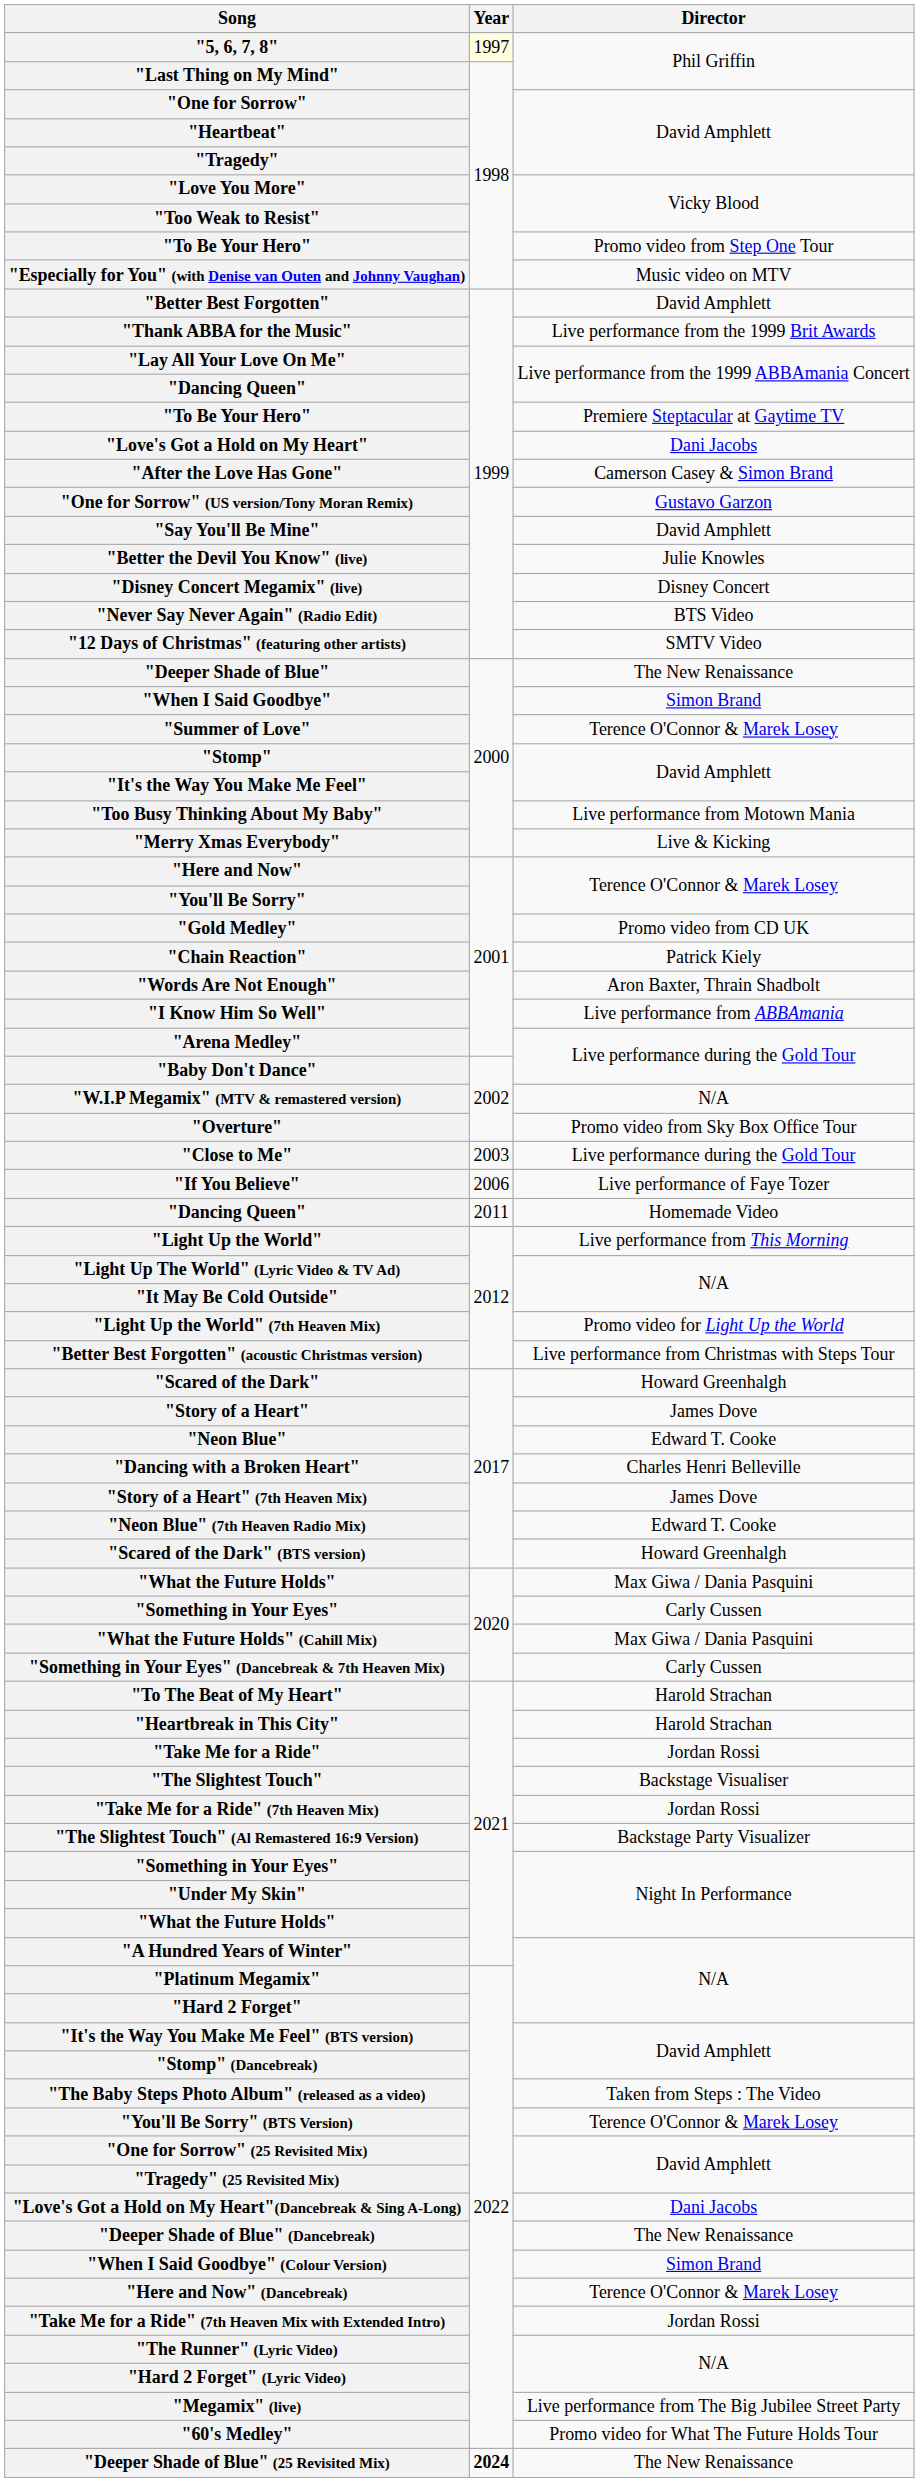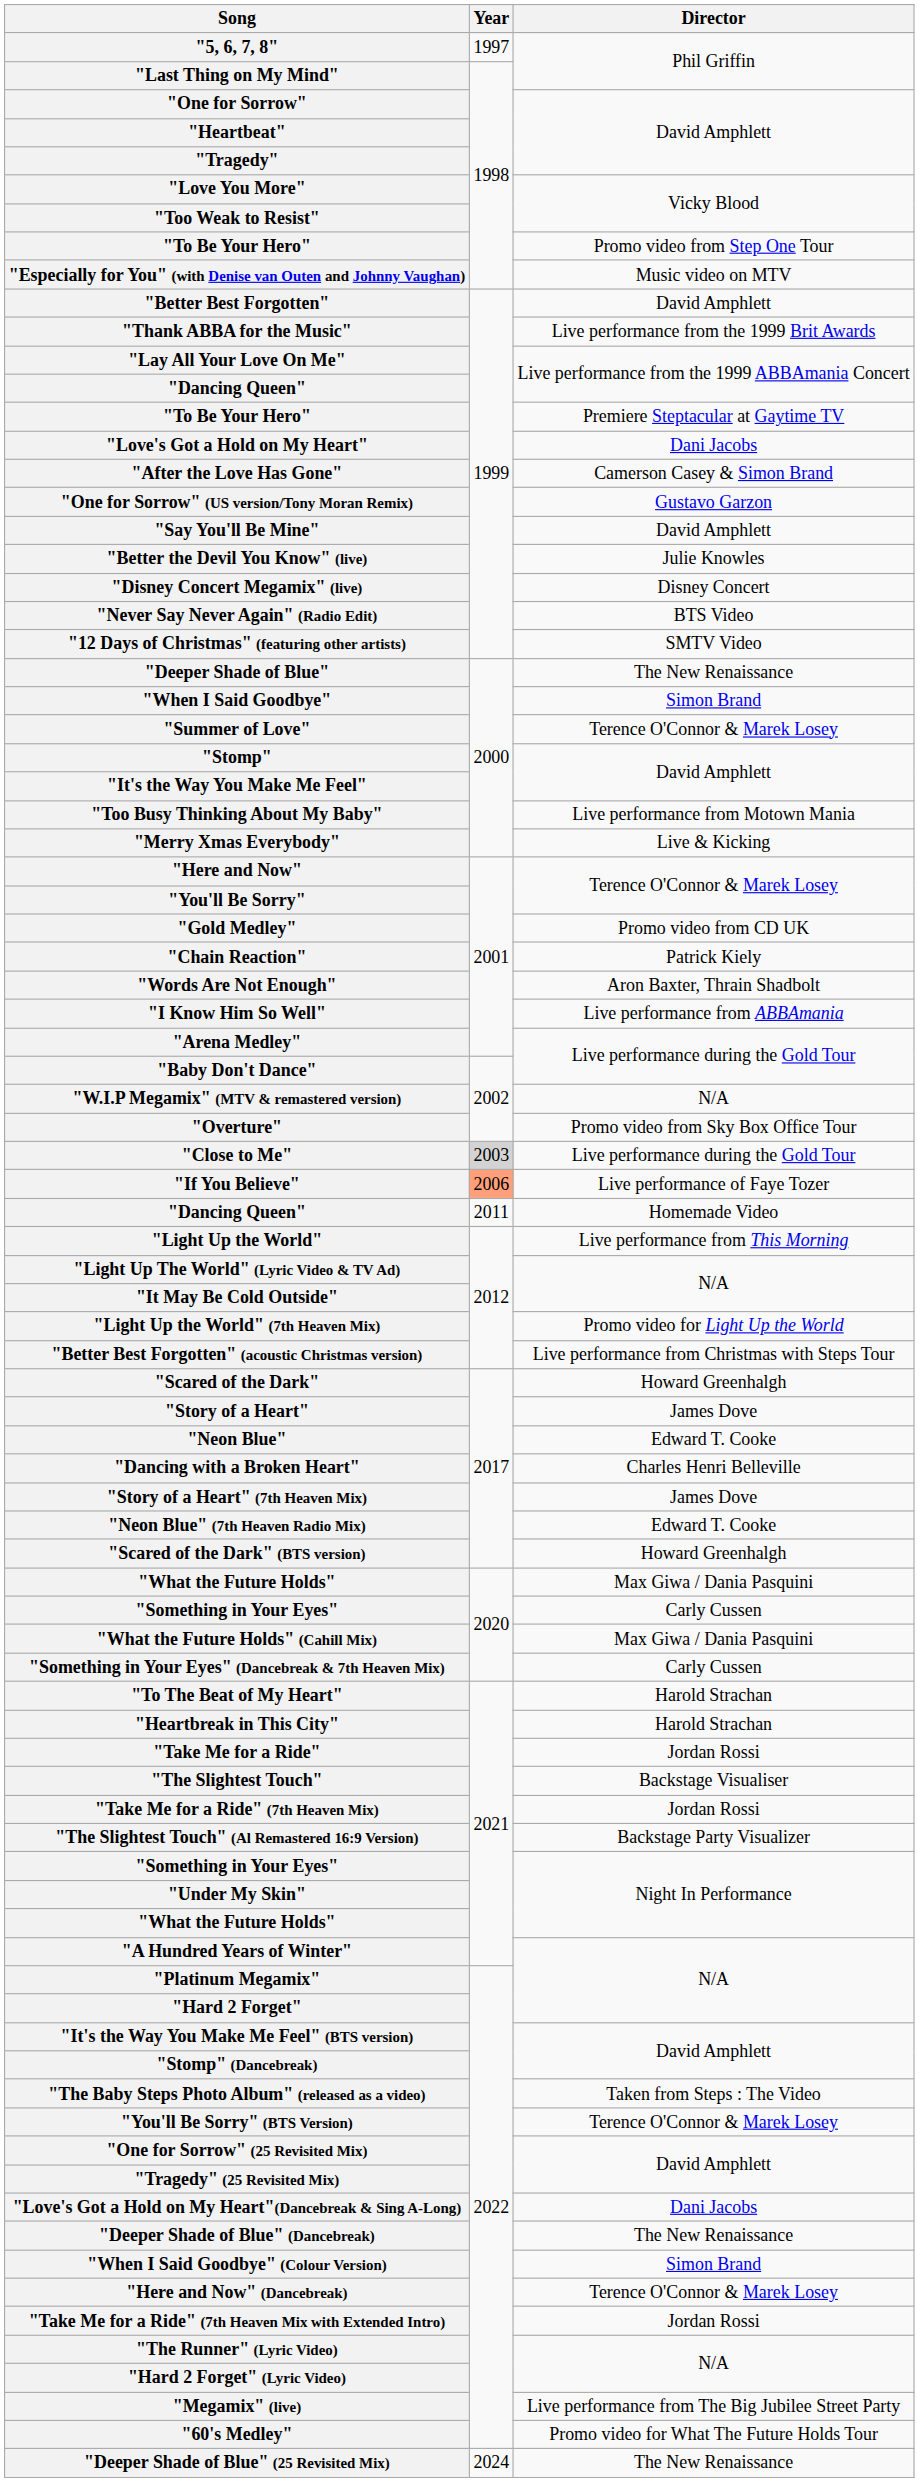 <table class="wikitable plainrowheaders" style="text-align:center;" border="1">
 <tr>
 <th scope="col">Song</th>
 <th scope="col">Year</th>
 <th scope="col">Director</th>
 </tr>
 <tr>
 <th scope="row">"5, 6, 7, 8"</th>
-<td style="background: lightyellow;">1997</td>
+<td>1997</td>
 <td rowspan="2">Phil Griffin</td>
 </tr>
 <tr>
 <th scope="row">"Last Thing on My Mind"</th>
 <td rowspan="8">1998</td>
 </tr>
 <tr>
 <th scope="row">"One for Sorrow"</th>
 <td rowspan="3">David Amphlett</td>
 </tr>
 <tr>
 <th scope="row">"Heartbeat"</th>
 </tr>
 <tr>
 <th scope="row">"Tragedy"</th>
 </tr>
 <tr>
 <th scope="row">"Love You More"</th>
 <td rowspan="2">Vicky Blood</td>
 </tr>
 <tr>
 <th scope="row">"Too Weak to Resist"</th>
 </tr>
 <tr>
 <th scope="row">"To Be Your Hero"</th>
 <td>Promo video from <a href='#'>Step One</a> Tour</td>
 </tr>
 <tr>
 <th scope="row">"Especially for You" <small>(with <a href='#'>Denise van Outen</a> and <a href='#'>Johnny Vaughan</a>)</small></th>
 <td>Music video on MTV</td>
 </tr>
 <tr>
 <th scope="row">"Better Best Forgotten"</th>
 <td rowspan="13">1999</td>
 <td>David Amphlett</td>
 </tr>
 <tr>
 <th scope="row">"Thank ABBA for the Music"</th>
 <td>Live performance from the 1999 <a href='#'>Brit Awards</a></td>
 </tr>
 <tr>
 <th scope="row">"Lay All Your Love On Me"</th>
 <td rowspan="2">Live performance from the 1999 <a href='#'>ABBAmania</a> Concert</td>
 </tr>
 <tr>
 <th scope="row">"Dancing Queen"</th>
 </tr>
 <tr>
 <th scope="row">"To Be Your Hero"</th>
 <td>Premiere <a href='#'>Steptacular</a> at <a href='#'>Gaytime TV</a></td>
 </tr>
 <tr>
 <th scope="row">"Love's Got a Hold on My Heart"</th>
 <td><a href='#'>Dani Jacobs</a></td>
 </tr>
 <tr>
 <th scope="row">"After the Love Has Gone"</th>
 <td>Camerson Casey & <a href='#'>Simon Brand</a></td>
 </tr>
 <tr>
 <th scope="row">"One for Sorrow" <small>(US version/Tony Moran Remix)</small></th>
 <td><a href='#'>Gustavo Garzon</a></td>
 </tr>
 <tr>
 <th scope="row">"Say You'll Be Mine"</th>
 <td>David Amphlett</td>
 </tr>
 <tr>
 <th scope="row">"Better the Devil You Know" <small>(live)</small></th>
 <td>Julie Knowles</td>
 </tr>
 <tr>
 <th scope="row">"Disney Concert Megamix" <small>(live)</small></th>
 <td>Disney Concert</td>
 </tr>
 <tr>
 <th scope="row">"Never Say Never Again" <small>(Radio Edit)</small></th>
 <td>BTS Video</td>
 </tr>
 <tr>
 <th scope="row">"12 Days of Christmas" <small>(featuring other artists)</small></th>
 <td>SMTV Video</td>
 </tr>
 <tr>
 <th scope="row">"Deeper Shade of Blue"</th>
 <td rowspan="7">2000</td>
 <td>The New Renaissance</td>
 </tr>
 <tr>
 <th scope="row">"When I Said Goodbye"</th>
 <td><a href='#'>Simon Brand</a></td>
 </tr>
 <tr>
 <th scope="row">"Summer of Love"</th>
 <td>Terence O'Connor & <a href='#'>Marek Losey</a></td>
 </tr>
 <tr>
 <th scope="row">"Stomp"</th>
 <td rowspan="2">David Amphlett</td>
 </tr>
 <tr>
 <th scope="row">"It's the Way You Make Me Feel"</th>
 </tr>
 <tr>
 <th scope="row">"Too Busy Thinking About My Baby"</th>
 <td>Live performance from Motown Mania</td>
 </tr>
 <tr>
 <th scope="row">"Merry Xmas Everybody"</th>
 <td>Live & Kicking</td>
 </tr>
 <tr>
 <th scope="row">"Here and Now"</th>
 <td rowspan="7">2001</td>
 <td rowspan="2">Terence O'Connor & <a href='#'>Marek Losey</a></td>
 </tr>
 <tr>
 <th scope="row">"You'll Be Sorry"</th>
 </tr>
 <tr>
 <th scope="row">"Gold Medley"</th>
 <td>Promo video from CD UK</td>
 </tr>
 <tr>
 <th scope="row">"Chain Reaction"</th>
 <td>Patrick Kiely</td>
 </tr>
 <tr>
 <th scope="row">"Words Are Not Enough"</th>
 <td>Aron Baxter, Thrain Shadbolt</td>
 </tr>
 <tr>
 <th scope="row">"I Know Him So Well"</th>
 <td>Live performance from <em><a href='#'>ABBAmania</a></em></td>
 </tr>
 <tr>
 <th scope="row">"Arena Medley"</th>
 <td rowspan="2">Live performance during the <a href='#'>Gold Tour</a></td>
 </tr>
 <tr>
 <th scope="row">"Baby Don't Dance"</th>
 <td rowspan="3">2002</td>
 </tr>
 <tr>
 <th scope="row">"W.I.P Megamix" <small>(MTV & remastered version)</small></th>
 <td>N/A</td>
 </tr>
 <tr>
 <th scope="row">"Overture"</th>
 <td>Promo video from Sky Box Office Tour</td>
 </tr>
 <tr>
 <th scope="row">"Close to Me"</th>
-<td>2003</td>
+<td style="background: lightgrey;">2003</td>
 <td>Live performance during the <a href='#'>Gold Tour</a></td>
 </tr>
 <tr>
 <th scope="row">"If You Believe"</th>
-<td>2006</td>
+<td style="background: lightsalmon;">2006</td>
 <td>Live performance of Faye Tozer</td>
 </tr>
 <tr>
 <th scope="row">"Dancing Queen"</th>
 <td>2011</td>
 <td>Homemade Video</td>
 </tr>
 <tr>
 <th scope="row">"Light Up the World"</th>
 <td rowspan="5">2012</td>
 <td>Live performance from <em><a href='#'>This Morning</a></em></td>
 </tr>
 <tr>
 <th scope="row">"Light Up The World" <small>(Lyric Video & TV Ad)</small></th>
 <td rowspan="2">N/A</td>
 </tr>
 <tr>
 <th scope="row">"It May Be Cold Outside"</th>
 </tr>
 <tr>
 <th scope="row">"Light Up the World" <small>(7th Heaven Mix)</small></th>
 <td>Promo video for <em><a href='#'>Light Up the World</a></em></td>
 </tr>
 <tr>
 <th scope="row">"Better Best Forgotten" <small>(acoustic Christmas version)</small></th>
 <td>Live performance from Christmas with Steps Tour</td>
 </tr>
 <tr>
 <th scope="row">"Scared of the Dark"</th>
 <td rowspan="7">2017</td>
 <td>Howard Greenhalgh</td>
 </tr>
 <tr>
 <th scope="row">"Story of a Heart"</th>
 <td>James Dove</td>
 </tr>
 <tr>
 <th scope="row">"Neon Blue"</th>
 <td>Edward T. Cooke</td>
 </tr>
 <tr>
 <th scope="row">"Dancing with a Broken Heart"</th>
 <td>Charles Henri Belleville</td>
 </tr>
 <tr>
 <th scope="row">"Story of a Heart" <small>(7th Heaven Mix)</small></th>
 <td>James Dove</td>
 </tr>
 <tr>
 <th scope="row">"Neon Blue" <small>(7th Heaven Radio Mix)</small></th>
 <td>Edward T. Cooke</td>
 </tr>
 <tr>
 <th scope="row">"Scared of the Dark" <small>(BTS version)</small></th>
 <td>Howard Greenhalgh</td>
 </tr>
 <tr>
 <th scope="row">"What the Future Holds"</th>
 <td rowspan="4">2020</td>
 <td>Max Giwa / Dania Pasquini</td>
 </tr>
 <tr>
 <th scope="row">"Something in Your Eyes"</th>
 <td>Carly Cussen</td>
 </tr>
 <tr>
 <th scope="row">"What the Future Holds" <small>(Cahill Mix)</small></th>
 <td>Max Giwa / Dania Pasquini</td>
 </tr>
 <tr>
 <th scope="row">"Something in Your Eyes" <small>(Dancebreak & 7th Heaven Mix)</small></th>
 <td>Carly Cussen</td>
 </tr>
 <tr>
 <th scope="row">"To The Beat of My Heart"</th>
 <td rowspan="10">2021</td>
 <td>Harold Strachan</td>
 </tr>
 <tr>
 <th scope="row">"Heartbreak in This City"</th>
 <td>Harold Strachan</td>
 </tr>
 <tr>
 <th scope="row">"Take Me for a Ride"</th>
 <td>Jordan Rossi</td>
 </tr>
 <tr>
 <th scope="row">"The Slightest Touch"</th>
 <td>Backstage Visualiser</td>
 </tr>
 <tr>
 <th scope="row">"Take Me for a Ride" <small>(7th Heaven Mix)</small></th>
 <td>Jordan Rossi</td>
 </tr>
 <tr>
 <th scope="row">"The Slightest Touch" <small>(Al Remastered 16:9 Version)</small></th>
 <td>Backstage Party Visualizer</td>
 </tr>
 <tr>
 <th scope="row">"Something in Your Eyes"</th>
 <td rowspan="3">Night In Performance</td>
 </tr>
 <tr>
 <th scope="row">"Under My Skin"</th>
 </tr>
 <tr>
 <th scope="row">"What the Future Holds"</th>
 </tr>
 <tr>
 <th scope="row">"A Hundred Years of Winter"</th>
 <td rowspan="3">N/A</td>
 </tr>
 <tr>
 <th scope="row">"Platinum Megamix"</th>
 <td rowspan="17">2022</td>
 </tr>
 <tr>
 <th scope="row">"Hard 2 Forget"</th>
 </tr>
 <tr x>
 <th scope="row">"It's the Way You Make Me Feel" <small>(BTS version)</small></th>
 <td rowspan="2">David Amphlett</td>
 </tr>
 <tr>
 <th scope="row">"Stomp" <small>(Dancebreak)</small></th>
 </tr>
 <tr>
 <th scope="row">"The Baby Steps Photo Album" <small>(released as a video)</small></th>
 <td>Taken from Steps : The Video</td>
 </tr>
 <tr>
 <th scope="row">"You'll Be Sorry" <small>(BTS Version)</small></th>
 <td>Terence O'Connor & <a href='#'>Marek Losey</a></td>
 </tr>
 <tr>
 <th scope="row">"One for Sorrow" <small>(25 Revisited Mix)</small></th>
 <td rowspan="2">David Amphlett</td>
 </tr>
 <tr>
 <th scope="row">"Tragedy" <small>(25 Revisited Mix)</small></th>
 </tr>
 <tr>
 <th scope="row">"Love's Got a Hold on My Heart"<small>(Dancebreak & Sing A-Long)</small></th>
 <td><a href='#'>Dani Jacobs</a></td>
 </tr>
 <tr>
 <th scope="row">"Deeper Shade of Blue" <small>(Dancebreak)</small></th>
 <td>The New Renaissance</td>
 </tr>
 <tr>
 <th scope="row">"When I Said Goodbye" <small>(Colour Version)</small></th>
 <td><a href='#'>Simon Brand</a></td>
 </tr>
 <tr>
 <th scope="row">"Here and Now" <small>(Dancebreak)</small></th>
 <td>Terence O'Connor & <a href='#'>Marek Losey</a></td>
 </tr>
 <tr>
 <th scope="row">"Take Me for a Ride" <small>(7th Heaven Mix with Extended Intro)</small></th>
 <td>Jordan Rossi</td>
 </tr>
 <tr>
 <th scope="row">"The Runner" <small>(Lyric Video)</small></th>
 <td rowspan="2">N/A</td>
 </tr>
 <tr>
 <th scope="row">"Hard 2 Forget" <small>(Lyric Video)</small></th>
 </tr>
 <tr>
 <th scope="row">"Megamix" <small>(live)</small></th>
 <td>Live performance from The Big Jubilee Street Party</td>
 </tr>
 <tr>
 <th scope="row">"60's Medley"</th>
 <td>Promo video for What The Future Holds Tour</td>
 </tr>
 <tr>
 <th scope="row">"Deeper Shade of Blue" <small>(25 Revisited Mix)</small></th>
-<td><strong>2024</strong></td>
+<td>2024</td>
 <td>The New Renaissance</td>
 </tr>
 </table>
